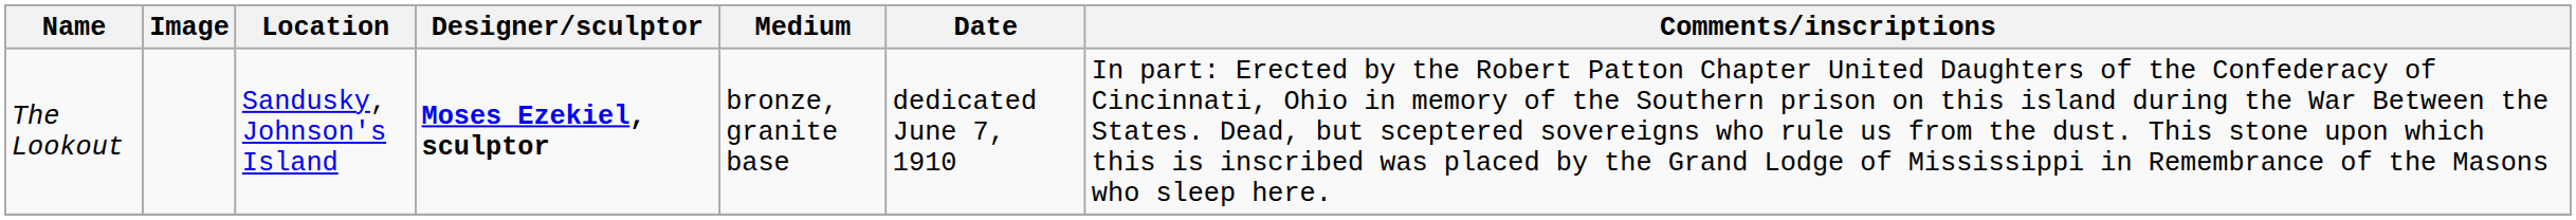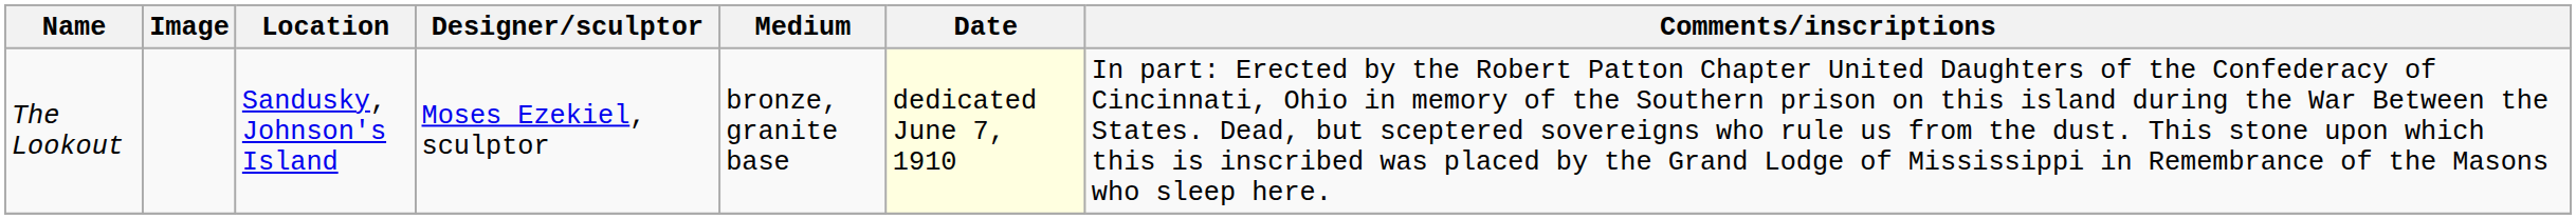 <table class="wikitable sortable">
 <tr>
 <th>Name</th>
 <th>Image</th>
 <th>Location</th>
 <th>Designer/sculptor</th>
 <th>Medium</th>
 <th>Date</th>
 <th>Comments/inscriptions</th>
 </tr>
 <tr>
 <td><em>The Lookout</em></td>
 <td></td>
 <td><a href='#'>Sandusky</a>,<br><a href='#'>Johnson's Island</a></td>
-<td><strong><a href='#'>Moses Ezekiel</a>, sculptor</strong></td>
+<td><a href='#'>Moses Ezekiel</a>, sculptor</td>
 <td>bronze, granite base</td>
-<td>dedicated June 7, 1910 </td>
+<td style="background: lightyellow;">dedicated June 7, 1910 </td>
 <td>In part: Erected by the Robert Patton Chapter United Daughters of the Confederacy of Cincinnati, Ohio in memory of the Southern prison on this island during the War Between the States. Dead, but sceptered sovereigns who rule us from the dust. This stone upon which this is inscribed was placed by the Grand Lodge of Mississippi in Remembrance  of the Masons who sleep here.</td>
 </tr>
 <tr>
 </tr>
 </table>
